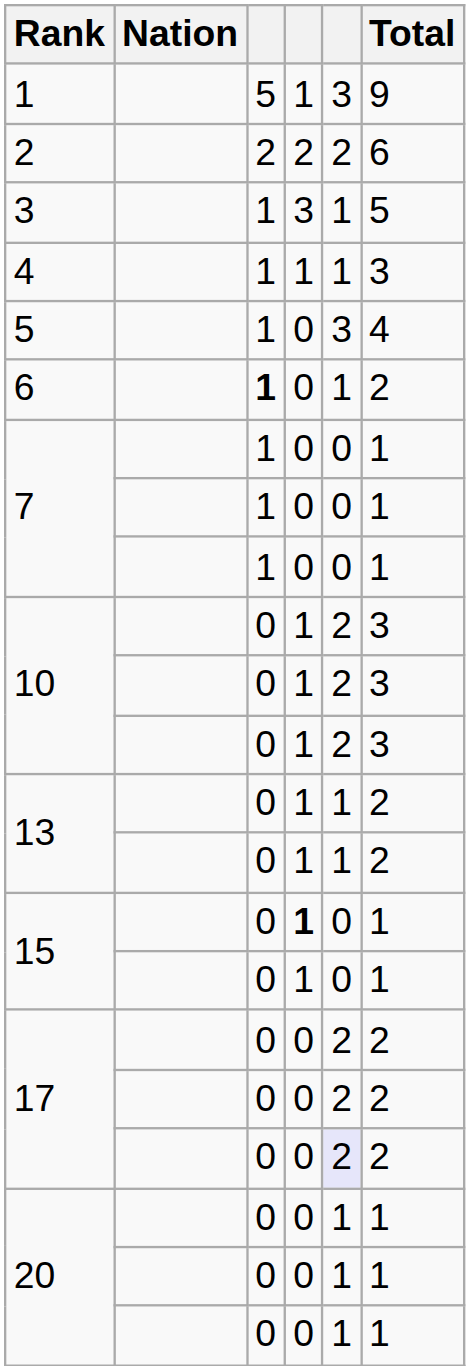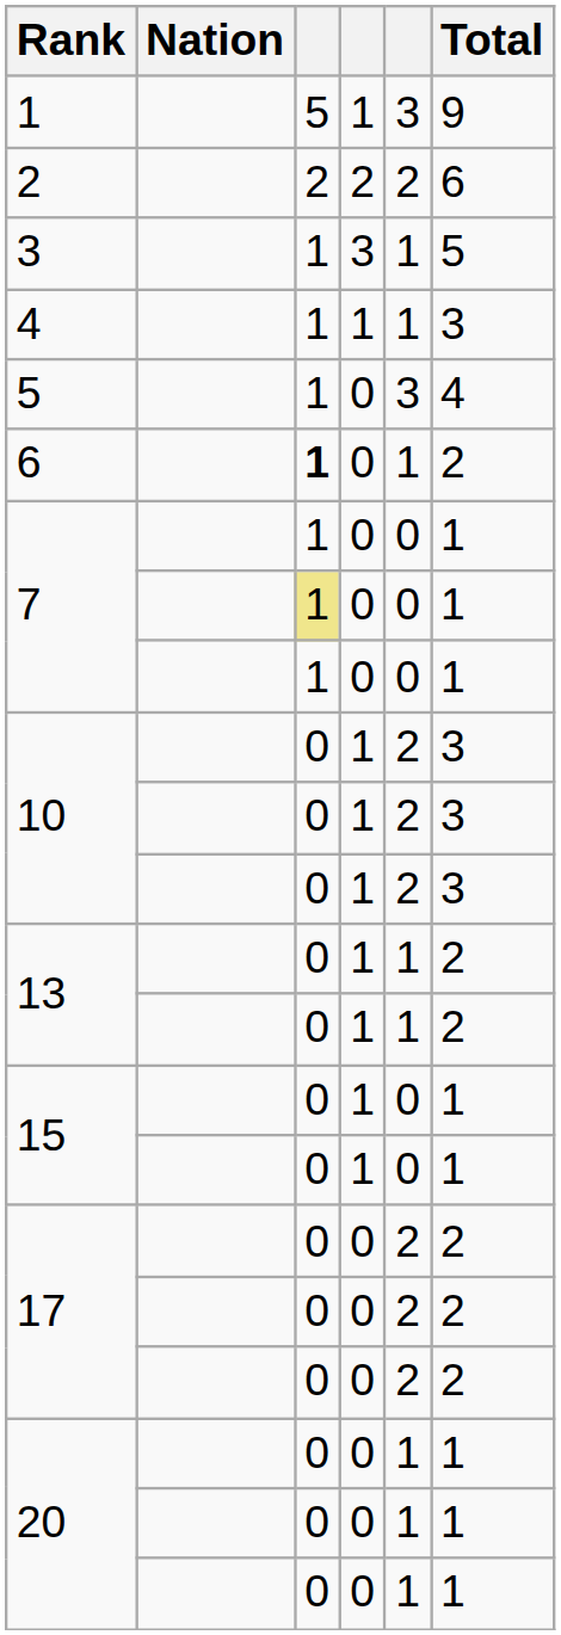 <table class=wikitable>
 <tr>
 <th>Rank</th>
 <th>Nation</th>
 <th></th>
 <th></th>
 <th></th>
 <th>Total</th>
 </tr>
 <tr>
 <td>1</td>
 <td></td>
 <td>5</td>
 <td>1</td>
 <td>3</td>
 <td>9</td>
 </tr>
 <tr>
 <td>2</td>
 <td></td>
 <td>2</td>
 <td>2</td>
 <td>2</td>
 <td>6</td>
 </tr>
 <tr>
 <td>3</td>
 <td></td>
 <td>1</td>
 <td>3</td>
 <td>1</td>
 <td>5</td>
 </tr>
 <tr>
 <td>4</td>
 <td></td>
 <td>1</td>
 <td>1</td>
 <td>1</td>
 <td>3</td>
 </tr>
 <tr>
 <td>5</td>
 <td></td>
 <td>1</td>
 <td>0</td>
 <td>3</td>
 <td>4</td>
 </tr>
 <tr>
 <td>6</td>
 <td></td>
 <td><strong>1</strong></td>
 <td>0</td>
 <td>1</td>
 <td>2</td>
 </tr>
 <tr>
 <td rowspan=3>7</td>
 <td></td>
 <td>1</td>
 <td>0</td>
 <td>0</td>
 <td>1</td>
 </tr>
 <tr>
 <td></td>
-<td>1</td>
+<td style="background: khaki;">1</td>
 <td>0</td>
 <td>0</td>
 <td>1</td>
 </tr>
 <tr>
 <td></td>
 <td>1</td>
 <td>0</td>
 <td>0</td>
 <td>1</td>
 </tr>
 <tr>
 <td rowspan=3>10</td>
 <td></td>
 <td>0</td>
 <td>1</td>
 <td>2</td>
 <td>3</td>
 </tr>
 <tr>
 <td></td>
 <td>0</td>
 <td>1</td>
 <td>2</td>
 <td>3</td>
 </tr>
 <tr>
 <td></td>
 <td>0</td>
 <td>1</td>
 <td>2</td>
 <td>3</td>
 </tr>
 <tr>
 <td rowspan=2>13</td>
 <td></td>
 <td>0</td>
 <td>1</td>
 <td>1</td>
 <td>2</td>
 </tr>
 <tr>
 <td></td>
 <td>0</td>
 <td>1</td>
 <td>1</td>
 <td>2</td>
 </tr>
 <tr>
 <td rowspan=2>15</td>
 <td></td>
 <td>0</td>
-<td><strong>1</strong></td>
+<td>1</td>
 <td>0</td>
 <td>1</td>
 </tr>
 <tr>
 <td></td>
 <td>0</td>
 <td>1</td>
 <td>0</td>
 <td>1</td>
 </tr>
 <tr>
 <td rowspan=3>17</td>
 <td></td>
 <td>0</td>
 <td>0</td>
 <td>2</td>
 <td>2</td>
 </tr>
 <tr>
 <td></td>
 <td>0</td>
 <td>0</td>
 <td>2</td>
 <td>2</td>
 </tr>
 <tr>
 <td></td>
 <td>0</td>
 <td>0</td>
-<td style="background: lavender;">2</td>
+<td>2</td>
 <td>2</td>
 </tr>
 <tr>
 <td rowspan=3>20</td>
 <td></td>
 <td>0</td>
 <td>0</td>
 <td>1</td>
 <td>1</td>
 </tr>
 <tr>
 <td></td>
 <td>0</td>
 <td>0</td>
 <td>1</td>
 <td>1</td>
 </tr>
 <tr>
 <td></td>
 <td>0</td>
 <td>0</td>
 <td>1</td>
 <td>1</td>
 </tr>
 <tr>
 </tr>
 </table>
